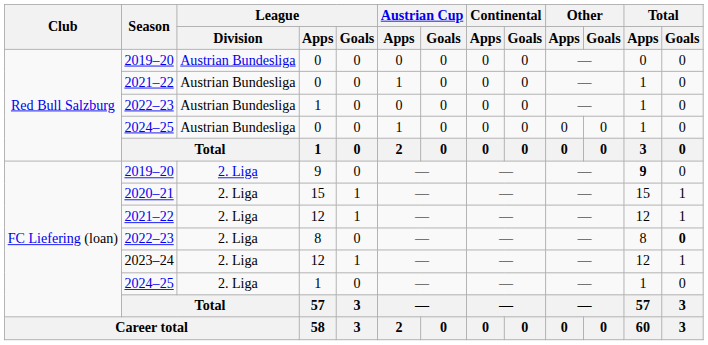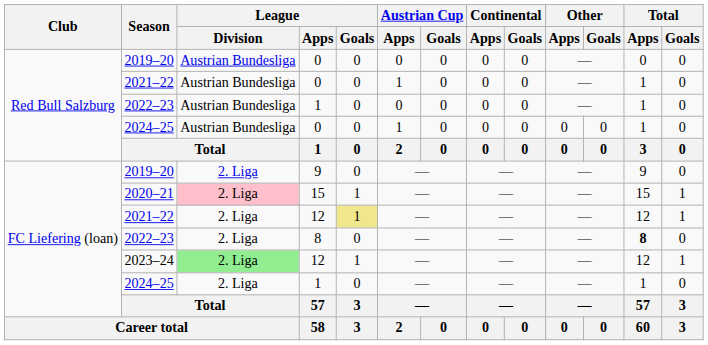 <table class="wikitable" style="text-align:center">
 <tr>
 <th rowspan="2">Club</th>
 <th rowspan="2">Season</th>
 <th colspan="3">League</th>
 <th colspan="2"><a href='#'>Austrian Cup</a></th>
 <th colspan="2">Continental</th>
 <th colspan="2">Other</th>
 <th colspan="2">Total</th>
 </tr>
 <tr>
 <th>Division</th>
 <th>Apps</th>
 <th>Goals</th>
 <th>Apps</th>
 <th>Goals</th>
 <th>Apps</th>
 <th>Goals</th>
 <th>Apps</th>
 <th>Goals</th>
 <th>Apps</th>
 <th>Goals</th>
 </tr>
 <tr>
 <td rowspan="5"><a href='#'>Red Bull Salzburg</a></td>
 <td><a href='#'>2019–20</a></td>
 <td><a href='#'>Austrian Bundesliga</a></td>
 <td>0</td>
 <td>0</td>
 <td>0</td>
 <td>0</td>
 <td>0</td>
 <td>0</td>
 <td colspan="2">—</td>
 <td>0</td>
 <td>0</td>
 </tr>
 <tr>
 <td><a href='#'>2021–22</a></td>
 <td>Austrian Bundesliga</td>
 <td>0</td>
 <td>0</td>
 <td>1</td>
 <td>0</td>
 <td>0</td>
 <td>0</td>
 <td colspan="2">—</td>
 <td>1</td>
 <td>0</td>
 </tr>
 <tr>
 <td><a href='#'>2022–23</a></td>
 <td>Austrian Bundesliga</td>
 <td>1</td>
 <td>0</td>
 <td>0</td>
 <td>0</td>
 <td>0</td>
 <td>0</td>
 <td colspan="2">—</td>
 <td>1</td>
 <td>0</td>
 </tr>
 <tr>
 <td><a href='#'>2024–25</a></td>
 <td>Austrian Bundesliga</td>
 <td>0</td>
 <td>0</td>
 <td>1</td>
 <td>0</td>
 <td>0</td>
 <td>0</td>
 <td>0</td>
 <td>0</td>
 <td>1</td>
 <td>0</td>
 </tr>
 <tr>
 <th colspan="2">Total</th>
 <th>1</th>
 <th>0</th>
 <th>2</th>
 <th>0</th>
 <th>0</th>
 <th>0</th>
 <th>0</th>
 <th>0</th>
 <th>3</th>
 <th>0</th>
 </tr>
 <tr>
 <td rowspan="7"><a href='#'>FC Liefering</a> (loan)</td>
 <td><a href='#'>2019–20</a></td>
 <td><a href='#'>2. Liga</a></td>
 <td>9</td>
 <td>0</td>
 <td colspan="2">—</td>
 <td colspan="2">—</td>
 <td colspan="2">—</td>
-<td><strong>9</strong></td>
+<td>9</td>
 <td>0</td>
 </tr>
 <tr>
 <td><a href='#'>2020–21</a></td>
-<td>2. Liga</td>
+<td style="background: pink;">2. Liga</td>
 <td>15</td>
 <td>1</td>
 <td colspan="2">—</td>
 <td colspan="2">—</td>
 <td colspan="2">—</td>
 <td>15</td>
 <td>1</td>
 </tr>
 <tr>
 <td><a href='#'>2021–22</a></td>
 <td>2. Liga</td>
 <td>12</td>
-<td>1</td>
+<td style="background: khaki;">1</td>
 <td colspan="2">—</td>
 <td colspan="2">—</td>
 <td colspan="2">—</td>
 <td>12</td>
 <td>1</td>
 </tr>
 <tr>
 <td><a href='#'>2022–23</a></td>
 <td>2. Liga</td>
 <td>8</td>
 <td>0</td>
 <td colspan="2">—</td>
 <td colspan="2">—</td>
 <td colspan="2">—</td>
-<td>8</td>
-<td><strong>0</strong></td>
+<td><strong>8</strong></td>
+<td>0</td>
 </tr>
 <tr>
 <td>2023–24</td>
-<td>2. Liga</td>
+<td style="background: lightgreen;">2. Liga</td>
 <td>12</td>
 <td>1</td>
 <td colspan="2">—</td>
 <td colspan="2">—</td>
 <td colspan="2">—</td>
 <td>12</td>
 <td>1</td>
 </tr>
 <tr>
 <td><a href='#'>2024–25</a></td>
 <td>2. Liga</td>
 <td>1</td>
 <td>0</td>
 <td colspan="2">—</td>
 <td colspan="2">—</td>
 <td colspan="2">—</td>
 <td>1</td>
 <td>0</td>
 </tr>
 <tr>
 <th colspan="2">Total</th>
 <th>57</th>
 <th>3</th>
 <th colspan="2">—</th>
 <th colspan="2">—</th>
 <th colspan="2">—</th>
 <th>57</th>
 <th>3</th>
 </tr>
 <tr>
 <th colspan="3">Career total</th>
 <th>58</th>
 <th>3</th>
 <th>2</th>
 <th>0</th>
 <th>0</th>
 <th>0</th>
 <th>0</th>
 <th>0</th>
 <th>60</th>
 <th>3</th>
 </tr>
 </table>
